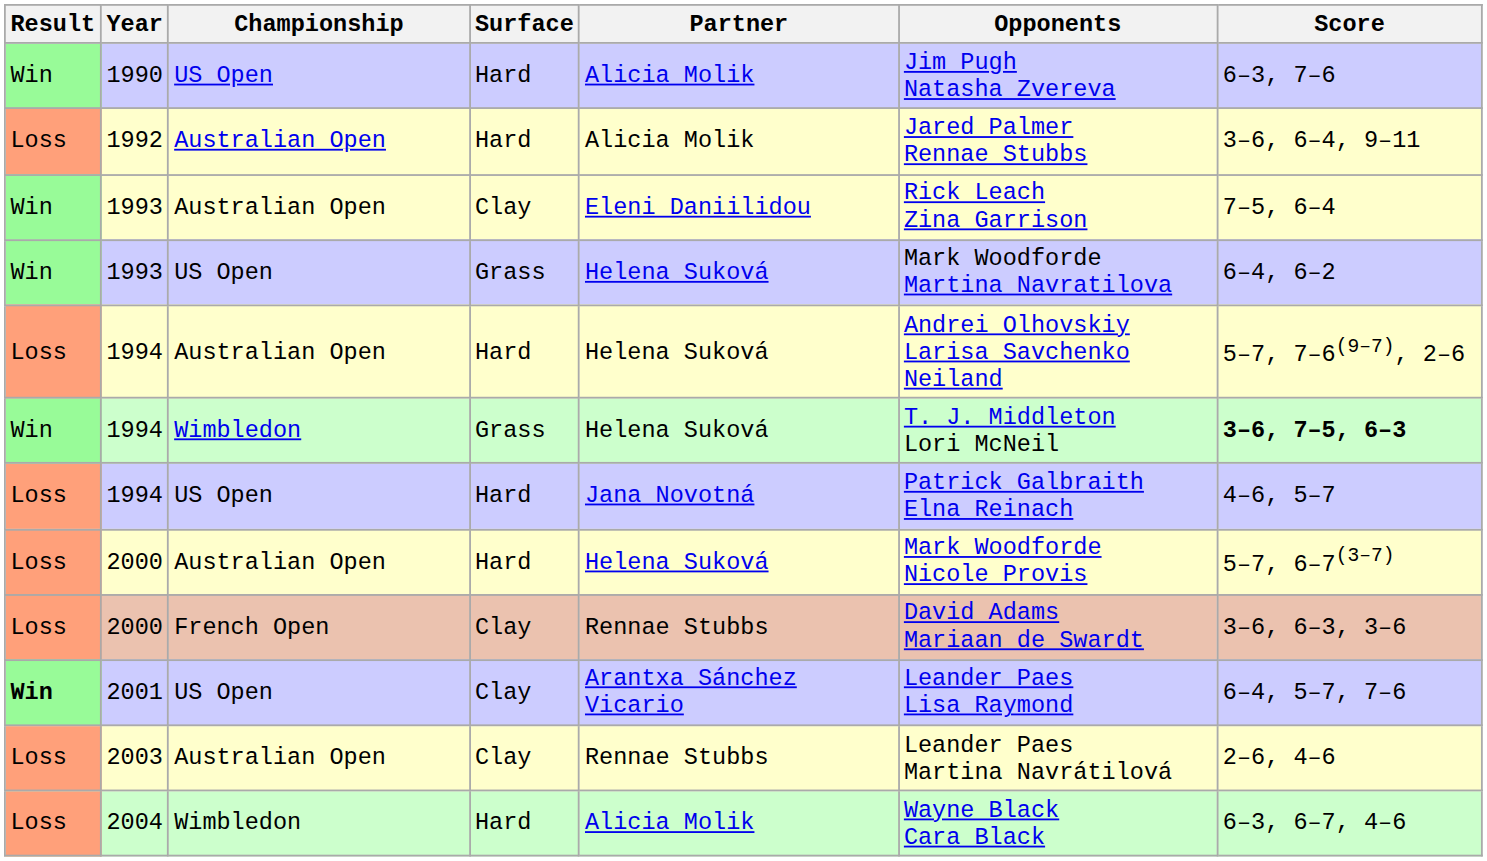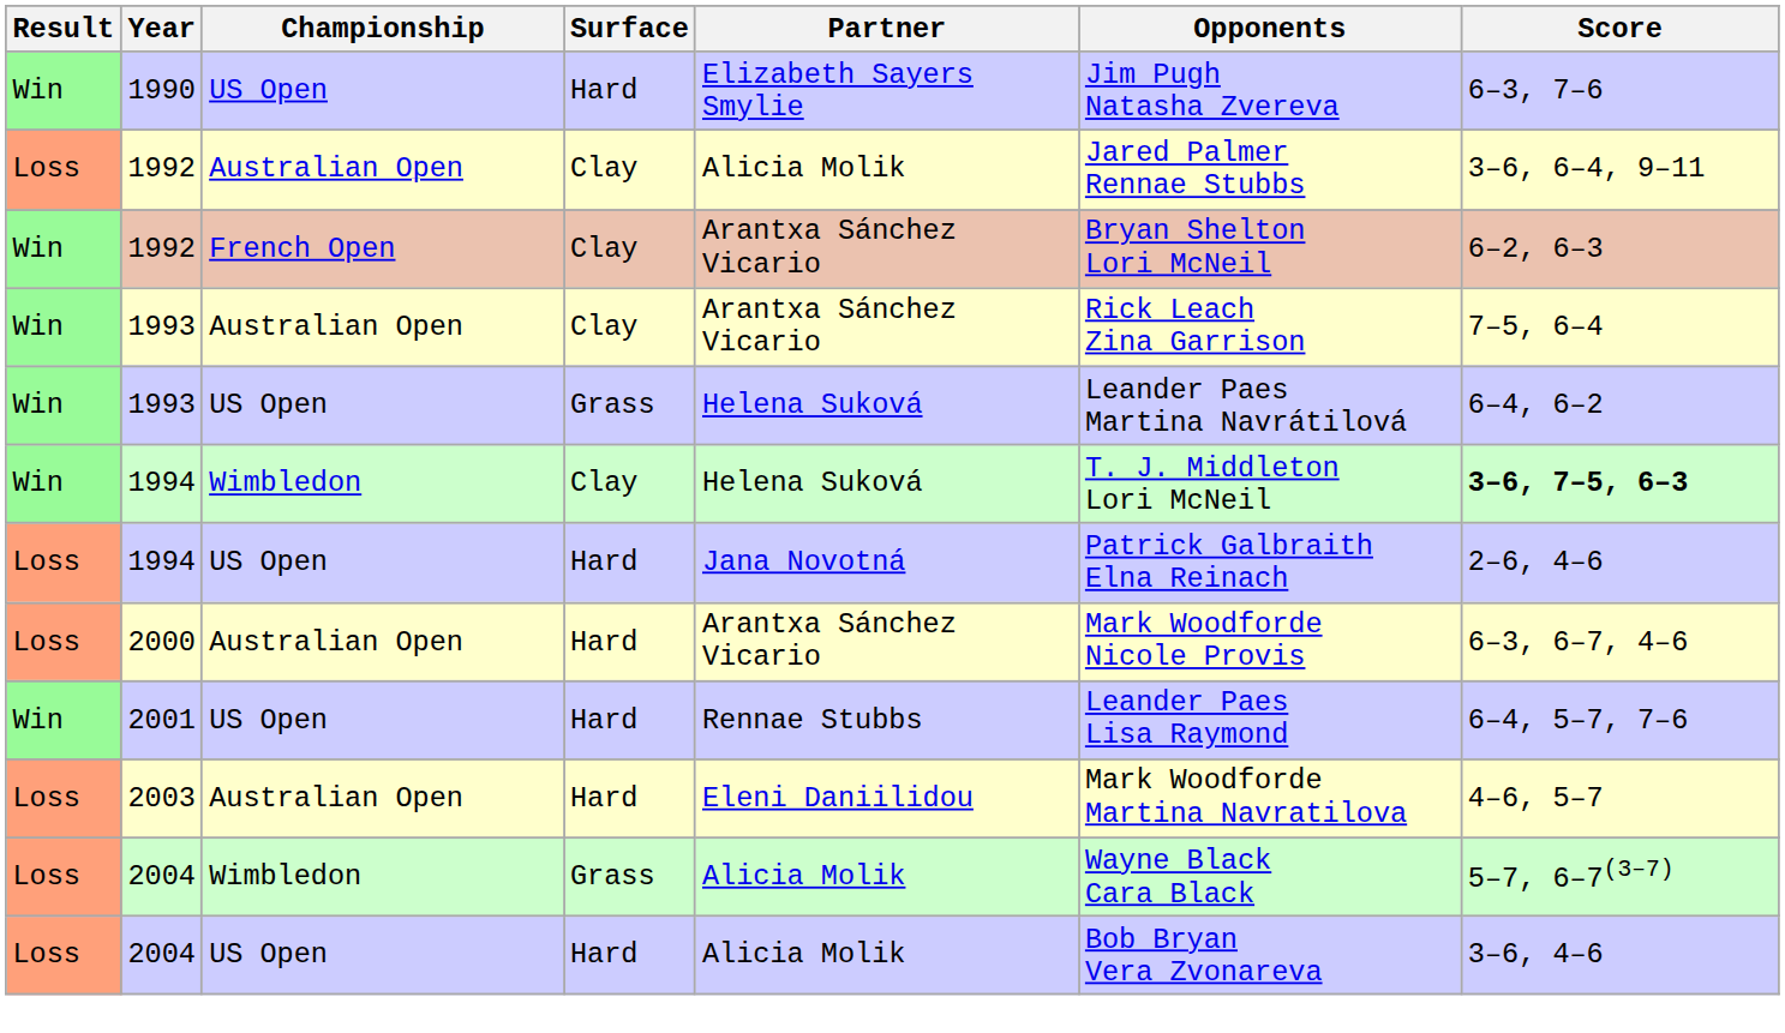 <table class="sortable wikitable">
 <tr>
 <th>Result</th>
 <th>Year</th>
 <th style="width:160px">Championship</th>
 <th>Surface</th>
 <th style="width:170px">Partner</th>
 <th style="width:170px">Opponents</th>
 <th style="width:140px" class="unsortable">Score</th>
 </tr>
 <tr style="background:#ccccff;">
 <td style="background:#98fb98;">Win</td>
 <td>1990</td>
 <td><a href='#'>US Open</a></td>
 <td>Hard</td>
-<td> <a href='#'>Alicia Molik</a></td>
+<td> <a href='#'>Elizabeth Sayers Smylie</a></td>
 <td> <a href='#'>Jim Pugh</a><br> <a href='#'>Natasha Zvereva</a></td>
 <td>6–3, 7–6</td>
 </tr>
 <tr style="background:#ffffcc;">
 <td style="background:#ffa07a;">Loss</td>
 <td>1992</td>
 <td><a href='#'>Australian Open</a></td>
-<td>Hard</td>
+<td>Clay</td>
 <td> Alicia Molik</td>
 <td> <a href='#'>Jared Palmer</a><br> <a href='#'>Rennae Stubbs</a></td>
 <td>3–6, 6–4, 9–11</td>
+</tr>
+<tr style="background:#ebc2af;">
+<td style="background:#98fb98;">Win</td>
+<td>1992</td>
+<td><a href='#'>French Open</a></td>
+<td>Clay</td>
+<td> Arantxa Sánchez Vicario</td>
+<td> <a href='#'>Bryan Shelton</a><br> <a href='#'>Lori McNeil</a></td>
+<td>6–2, 6–3</td>
 </tr>
 <tr style="background:#ffffcc;">
 <td style="background:#98fb98;">Win</td>
 <td>1993</td>
 <td>Australian Open</td>
 <td>Clay</td>
-<td> <a href='#'>Eleni Daniilidou</a></td>
+<td> Arantxa Sánchez Vicario</td>
 <td> <a href='#'>Rick Leach</a><br> <a href='#'>Zina Garrison</a></td>
 <td>7–5, 6–4</td>
 </tr>
 <tr style="background:#ccccff;">
 <td style="background:#98fb98;">Win</td>
 <td>1993</td>
 <td>US Open</td>
 <td>Grass</td>
 <td> <a href='#'>Helena Suková</a></td>
-<td> Mark Woodforde<br> <a href='#'>Martina Navratilova</a></td>
+<td> Leander Paes<br> Martina Navrátilová</td>
 <td>6–4, 6–2</td>
-</tr>
-<tr style="background:#ffffcc;">
-<td style="background:#ffa07a;">Loss</td>
-<td>1994</td>
-<td>Australian Open</td>
-<td>Hard</td>
-<td> Helena Suková</td>
-<td> <a href='#'>Andrei Olhovskiy</a><br> <a href='#'>Larisa Savchenko Neiland</a></td>
-<td>5–7, 7–6<sup>(9–7)</sup>, 2–6</td>
 </tr>
 <tr style="background:#ccffcc;">
 <td style="background:#98fb98;">Win</td>
 <td>1994</td>
 <td><a href='#'>Wimbledon</a></td>
-<td>Grass</td>
+<td>Clay</td>
 <td> Helena Suková</td>
 <td> <a href='#'>T. J. Middleton</a><br> Lori McNeil</td>
 <td><strong>3–6, 7–5, 6–3</strong></td>
 </tr>
 <tr style="background:#ccccff;">
 <td style="background:#ffa07a;">Loss</td>
 <td>1994</td>
 <td>US Open</td>
 <td>Hard</td>
 <td> <a href='#'>Jana Novotná</a></td>
 <td> <a href='#'>Patrick Galbraith</a><br> <a href='#'>Elna Reinach</a></td>
-<td>4–6, 5–7</td>
+<td>2–6, 4–6</td>
 </tr>
 <tr style="background:#ffffcc;">
 <td style="background:#ffa07a;">Loss</td>
 <td>2000</td>
 <td>Australian Open</td>
 <td>Hard</td>
-<td> <a href='#'>Helena Suková</a></td>
+<td> Arantxa Sánchez Vicario</td>
 <td> <a href='#'>Mark Woodforde</a><br> <a href='#'>Nicole Provis</a></td>
-<td>5–7, 6–7<sup>(3–7)</sup></td>
-</tr>
-<tr style="background:#ebc2af;">
-<td style="background:#ffa07a;">Loss</td>
-<td>2000</td>
-<td>French Open</td>
-<td>Clay</td>
-<td> Rennae Stubbs</td>
-<td> <a href='#'>David Adams</a><br> <a href='#'>Mariaan de Swardt</a></td>
-<td>3–6, 6–3, 3–6</td>
+<td>6–3, 6–7, 4–6</td>
 </tr>
 <tr style="background:#ccccff;">
-<td style="background:#98fb98;"><strong>Win</strong></td>
+<td style="background:#98fb98;">Win</td>
 <td>2001</td>
 <td>US Open</td>
-<td>Clay</td>
-<td> <a href='#'>Arantxa Sánchez Vicario</a></td>
+<td>Hard</td>
+<td> Rennae Stubbs</td>
 <td> <a href='#'>Leander Paes</a><br> <a href='#'>Lisa Raymond</a></td>
 <td>6–4, 5–7, 7–6</td>
 </tr>
 <tr style="background:#ffffcc;">
 <td style="background:#ffa07a;">Loss</td>
 <td>2003</td>
 <td>Australian Open</td>
-<td>Clay</td>
-<td> Rennae Stubbs</td>
-<td> Leander Paes<br> Martina Navrátilová</td>
-<td>2–6, 4–6</td>
+<td>Hard</td>
+<td> <a href='#'>Eleni Daniilidou</a></td>
+<td> Mark Woodforde<br> <a href='#'>Martina Navratilova</a></td>
+<td>4–6, 5–7</td>
 </tr>
 <tr style="background:#ccffcc;">
 <td style="background:#ffa07a;">Loss</td>
 <td>2004</td>
 <td>Wimbledon</td>
-<td>Hard</td>
+<td>Grass</td>
 <td> <a href='#'>Alicia Molik</a></td>
 <td> <a href='#'>Wayne Black</a><br> <a href='#'>Cara Black</a></td>
-<td>6–3, 6–7, 4–6</td>
+<td>5–7, 6–7<sup>(3–7)</sup></td>
+</tr>
+<tr style="background:#ccccff;">
+<td style="background:#ffa07a;">Loss</td>
+<td>2004</td>
+<td>US Open</td>
+<td>Hard</td>
+<td> Alicia Molik</td>
+<td> <a href='#'>Bob Bryan</a><br> <a href='#'>Vera Zvonareva</a></td>
+<td>3–6, 4–6</td>
 </tr>
 </table>
